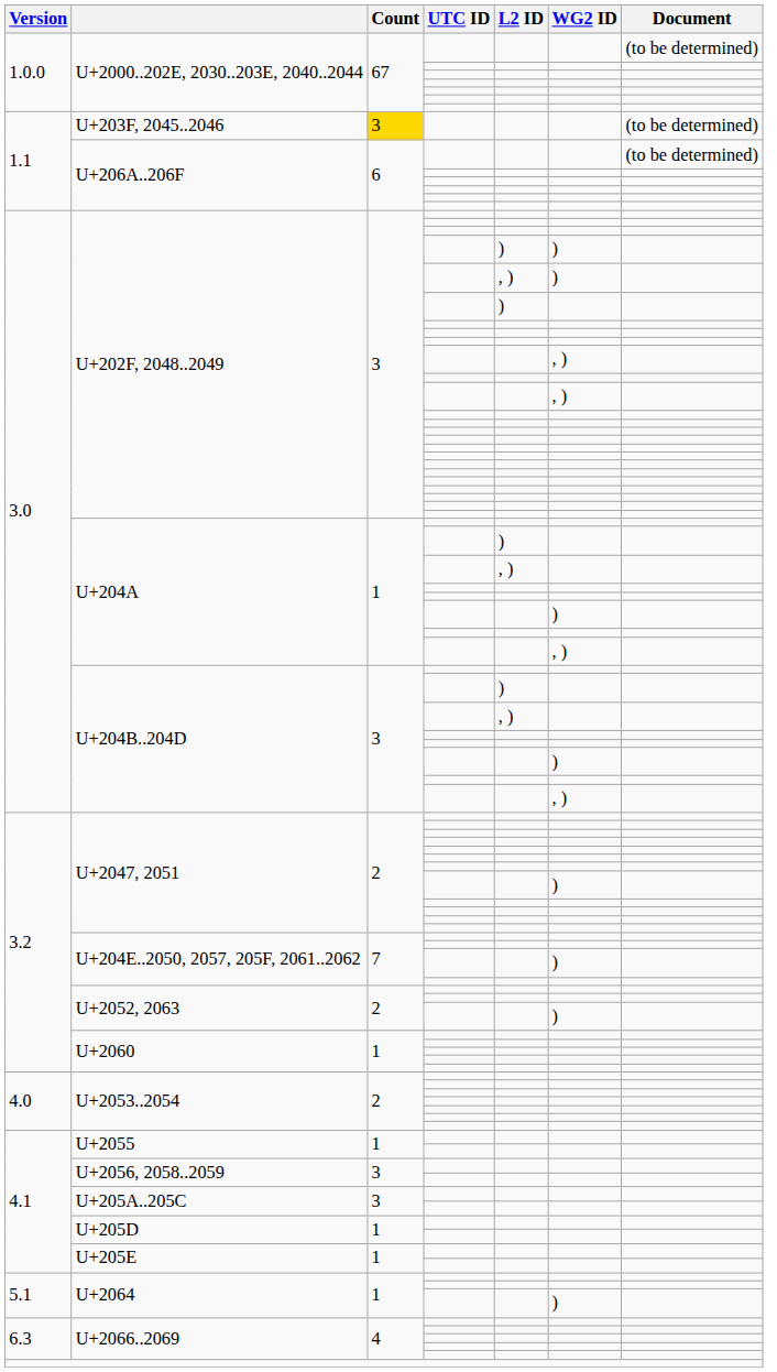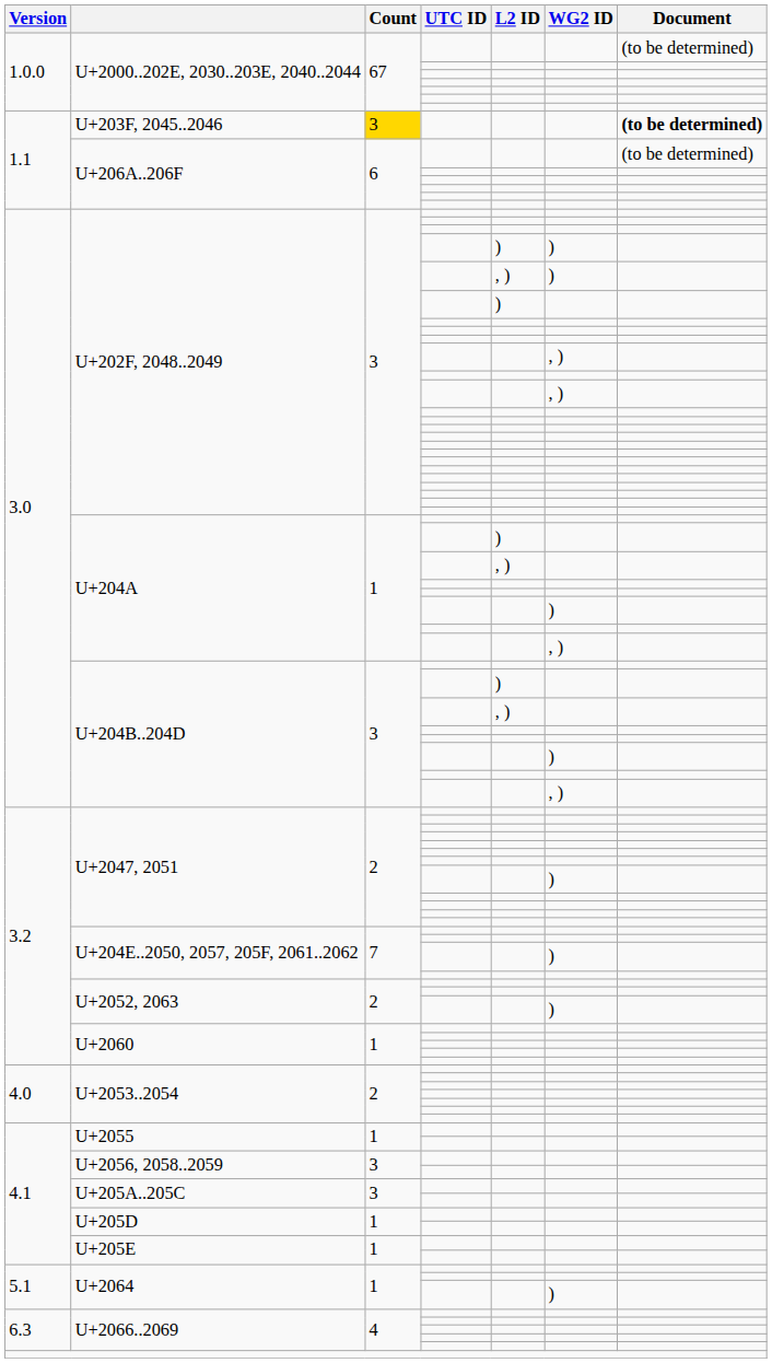 <table class="wikitable collapsible collapsed sticky-header">
 <tr>
 <th><a href='#'>Version</a></th>
 <th></th>
 <th>Count</th>
 <th><a href='#'>UTC</a> ID</th>
 <th><a href='#'>L2</a> ID</th>
 <th><a href='#'>WG2</a> ID</th>
 <th>Document</th>
 </tr>
 <tr>
 <td rowspan="7">1.0.0</td>
 <td rowspan="7">U+2000..202E, 2030..203E, 2040..2044</td>
 <td rowspan="7">67</td>
 <td></td>
 <td></td>
 <td></td>
 <td>(to be determined)</td>
 </tr>
 <tr>
 <td></td>
 <td></td>
 <td></td>
 <td></td>
 </tr>
 <tr>
 <td></td>
 <td></td>
 <td></td>
 <td></td>
 </tr>
 <tr>
 <td></td>
 <td></td>
 <td></td>
 <td></td>
 </tr>
 <tr>
 <td></td>
 <td></td>
 <td></td>
 <td></td>
 </tr>
 <tr>
 <td></td>
 <td></td>
 <td></td>
 <td></td>
 </tr>
 <tr>
 <td></td>
 <td></td>
 <td></td>
 <td></td>
 </tr>
 <tr>
 <td rowspan="7">1.1</td>
 <td>U+203F, 2045..2046</td>
 <td style="background: gold;">3</td>
 <td></td>
 <td></td>
 <td></td>
-<td>(to be determined)</td>
+<td><strong>(to be determined)</strong></td>
 </tr>
 <tr>
 <td rowspan="6">U+206A..206F</td>
 <td rowspan="6">6</td>
 <td></td>
 <td></td>
 <td></td>
 <td>(to be determined)</td>
 </tr>
 <tr>
 <td></td>
 <td></td>
 <td></td>
 <td></td>
 </tr>
 <tr>
 <td></td>
 <td></td>
 <td></td>
 <td></td>
 </tr>
 <tr>
 <td></td>
 <td></td>
 <td></td>
 <td></td>
 </tr>
 <tr>
 <td></td>
 <td></td>
 <td></td>
 <td></td>
 </tr>
 <tr>
 <td></td>
 <td></td>
 <td></td>
 <td></td>
 </tr>
 <tr>
 <td rowspan="41">3.0</td>
 <td rowspan="25">U+202F, 2048..2049</td>
 <td rowspan="25">3</td>
 <td></td>
 <td></td>
 <td></td>
 <td></td>
 </tr>
 <tr>
 <td></td>
 <td></td>
 <td></td>
 <td></td>
 </tr>
 <tr>
 <td></td>
 <td></td>
 <td></td>
 <td></td>
 </tr>
 <tr>
 <td></td>
 <td> )</td>
 <td> )</td>
 <td></td>
 </tr>
 <tr>
 <td></td>
 <td> , )</td>
 <td> )</td>
 <td></td>
 </tr>
 <tr>
 <td></td>
 <td> )</td>
 <td></td>
 <td></td>
 </tr>
 <tr>
 <td></td>
 <td></td>
 <td></td>
 <td></td>
 </tr>
 <tr>
 <td></td>
 <td></td>
 <td></td>
 <td></td>
 </tr>
 <tr>
 <td></td>
 <td></td>
 <td></td>
 <td></td>
 </tr>
 <tr>
 <td></td>
 <td></td>
 <td> , )</td>
 <td></td>
 </tr>
 <tr>
 <td></td>
 <td></td>
 <td></td>
 <td></td>
 </tr>
 <tr>
 <td></td>
 <td></td>
 <td> , )</td>
 <td></td>
 </tr>
 <tr>
 <td></td>
 <td></td>
 <td></td>
 <td></td>
 </tr>
 <tr>
 <td></td>
 <td></td>
 <td></td>
 <td></td>
 </tr>
 <tr>
 <td></td>
 <td></td>
 <td></td>
 <td></td>
 </tr>
 <tr>
 <td></td>
 <td></td>
 <td></td>
 <td></td>
 </tr>
 <tr>
 <td></td>
 <td></td>
 <td></td>
 <td></td>
 </tr>
 <tr>
 <td></td>
 <td></td>
 <td></td>
 <td></td>
 </tr>
 <tr>
 <td></td>
 <td></td>
 <td></td>
 <td></td>
 </tr>
 <tr>
 <td></td>
 <td></td>
 <td></td>
 <td></td>
 </tr>
 <tr>
 <td></td>
 <td></td>
 <td></td>
 <td></td>
 </tr>
 <tr>
 <td></td>
 <td></td>
 <td></td>
 <td></td>
 </tr>
 <tr>
 <td></td>
 <td></td>
 <td></td>
 <td></td>
 </tr>
 <tr>
 <td></td>
 <td></td>
 <td></td>
 <td></td>
 </tr>
 <tr>
 <td></td>
 <td></td>
 <td></td>
 <td></td>
 </tr>
 <tr>
 <td rowspan="8">U+204A</td>
 <td rowspan="8">1</td>
 <td></td>
 <td></td>
 <td></td>
 <td></td>
 </tr>
 <tr>
 <td></td>
 <td> )</td>
 <td></td>
 <td></td>
 </tr>
 <tr>
 <td></td>
 <td> , )</td>
 <td></td>
 <td></td>
 </tr>
 <tr>
 <td></td>
 <td></td>
 <td></td>
 <td></td>
 </tr>
 <tr>
 <td></td>
 <td></td>
 <td></td>
 <td></td>
 </tr>
 <tr>
 <td></td>
 <td></td>
 <td> )</td>
 <td></td>
 </tr>
 <tr>
 <td></td>
 <td></td>
 <td></td>
 <td></td>
 </tr>
 <tr>
 <td></td>
 <td></td>
 <td> , )</td>
 <td></td>
 </tr>
 <tr>
 <td rowspan="8">U+204B..204D</td>
 <td rowspan="8">3</td>
 <td></td>
 <td></td>
 <td></td>
 <td></td>
 </tr>
 <tr>
 <td></td>
 <td> )</td>
 <td></td>
 <td></td>
 </tr>
 <tr>
 <td></td>
 <td> , )</td>
 <td></td>
 <td></td>
 </tr>
 <tr>
 <td></td>
 <td></td>
 <td></td>
 <td></td>
 </tr>
 <tr>
 <td></td>
 <td></td>
 <td></td>
 <td></td>
 </tr>
 <tr>
 <td></td>
 <td></td>
 <td> )</td>
 <td></td>
 </tr>
 <tr>
 <td></td>
 <td></td>
 <td></td>
 <td></td>
 </tr>
 <tr>
 <td></td>
 <td></td>
 <td> , )</td>
 <td></td>
 </tr>
 <tr>
 <td rowspan="24">3.2</td>
 <td rowspan="12">U+2047, 2051</td>
 <td rowspan="12">2</td>
 <td></td>
 <td></td>
 <td></td>
 <td></td>
 </tr>
 <tr>
 <td></td>
 <td></td>
 <td></td>
 <td></td>
 </tr>
 <tr>
 <td></td>
 <td></td>
 <td></td>
 <td></td>
 </tr>
 <tr>
 <td></td>
 <td></td>
 <td></td>
 <td></td>
 </tr>
 <tr>
 <td></td>
 <td></td>
 <td></td>
 <td></td>
 </tr>
 <tr>
 <td></td>
 <td> </td>
 <td></td>
 <td></td>
 </tr>
 <tr>
 <td></td>
 <td></td>
 <td></td>
 <td></td>
 </tr>
 <tr>
 <td></td>
 <td></td>
 <td> )</td>
 <td></td>
 </tr>
 <tr>
 <td></td>
 <td></td>
 <td></td>
 <td></td>
 </tr>
 <tr>
 <td></td>
 <td></td>
 <td></td>
 <td></td>
 </tr>
 <tr>
 <td></td>
 <td></td>
 <td></td>
 <td></td>
 </tr>
 <tr>
 <td></td>
 <td></td>
 <td></td>
 <td></td>
 </tr>
 <tr>
 <td rowspan="4">U+204E..2050, 2057, 205F, 2061..2062</td>
 <td rowspan="4">7</td>
 <td></td>
 <td></td>
 <td></td>
 <td></td>
 </tr>
 <tr>
 <td></td>
 <td></td>
 <td></td>
 <td></td>
 </tr>
 <tr>
 <td></td>
 <td></td>
 <td> )</td>
 <td></td>
 </tr>
 <tr>
 <td></td>
 <td></td>
 <td></td>
 <td></td>
 </tr>
 <tr>
 <td rowspan="3">U+2052, 2063</td>
 <td rowspan="3">2</td>
 <td></td>
 <td></td>
 <td></td>
 <td></td>
 </tr>
 <tr>
 <td></td>
 <td></td>
 <td></td>
 <td></td>
 </tr>
 <tr>
 <td></td>
 <td></td>
 <td> )</td>
 <td></td>
 </tr>
 <tr>
 <td rowspan="5">U+2060</td>
 <td rowspan="5">1</td>
 <td></td>
 <td></td>
 <td></td>
 <td></td>
 </tr>
 <tr>
 <td></td>
 <td></td>
 <td></td>
 <td></td>
 </tr>
 <tr>
 <td></td>
 <td></td>
 <td></td>
 <td></td>
 </tr>
 <tr>
 <td></td>
 <td></td>
 <td></td>
 <td></td>
 </tr>
 <tr>
 <td></td>
 <td></td>
 <td></td>
 <td></td>
 </tr>
 <tr>
 <td rowspan="7">4.0</td>
 <td rowspan="7">U+2053..2054</td>
 <td rowspan="7">2</td>
 <td></td>
 <td></td>
 <td></td>
 <td></td>
 </tr>
 <tr>
 <td></td>
 <td></td>
 <td></td>
 <td></td>
 </tr>
 <tr>
 <td></td>
 <td></td>
 <td></td>
 <td></td>
 </tr>
 <tr>
 <td></td>
 <td></td>
 <td></td>
 <td></td>
 </tr>
 <tr>
 <td></td>
 <td></td>
 <td></td>
 <td></td>
 </tr>
 <tr>
 <td></td>
 <td></td>
 <td></td>
 <td></td>
 </tr>
 <tr>
 <td></td>
 <td></td>
 <td></td>
 <td></td>
 </tr>
 <tr>
 <td rowspan="10">4.1</td>
 <td rowspan="2">U+2055</td>
 <td rowspan="2">1</td>
 <td></td>
 <td></td>
 <td></td>
 <td></td>
 </tr>
 <tr>
 <td></td>
 <td></td>
 <td></td>
 <td></td>
 </tr>
 <tr>
 <td rowspan="2">U+2056, 2058..2059</td>
 <td rowspan="2">3</td>
 <td></td>
 <td></td>
 <td></td>
 <td></td>
 </tr>
 <tr>
 <td></td>
 <td></td>
 <td></td>
 <td></td>
 </tr>
 <tr>
 <td rowspan="2">U+205A..205C</td>
 <td rowspan="2">3</td>
 <td></td>
 <td></td>
 <td></td>
 <td></td>
 </tr>
 <tr>
 <td></td>
 <td></td>
 <td></td>
 <td></td>
 </tr>
 <tr>
 <td rowspan="2">U+205D</td>
 <td rowspan="2">1</td>
 <td></td>
 <td></td>
 <td></td>
 <td></td>
 </tr>
 <tr>
 <td></td>
 <td></td>
 <td></td>
 <td></td>
 </tr>
 <tr>
 <td rowspan="2">U+205E</td>
 <td rowspan="2">1</td>
 <td></td>
 <td></td>
 <td></td>
 <td></td>
 </tr>
 <tr>
 <td></td>
 <td></td>
 <td></td>
 <td></td>
 </tr>
 <tr>
 <td rowspan="3">5.1</td>
 <td rowspan="3">U+2064</td>
 <td rowspan="3">1</td>
 <td></td>
 <td></td>
 <td></td>
 <td></td>
 </tr>
 <tr>
 <td></td>
 <td></td>
 <td></td>
 <td></td>
 </tr>
 <tr>
 <td></td>
 <td></td>
 <td> )</td>
 <td></td>
 </tr>
 <tr>
 <td rowspan="5">6.3</td>
 <td rowspan="5">U+2066..2069</td>
 <td rowspan="5">4</td>
 <td></td>
 <td></td>
 <td></td>
 <td></td>
 </tr>
 <tr>
 <td></td>
 <td></td>
 <td></td>
 <td></td>
 </tr>
 <tr>
 <td></td>
 <td></td>
 <td></td>
 <td></td>
 </tr>
 <tr>
 <td></td>
 <td></td>
 <td></td>
 <td></td>
 </tr>
 <tr>
 <td></td>
 <td></td>
 <td></td>
 <td></td>
 </tr>
 <tr class="sortbottom">
 <td colspan="7"></td>
 </tr>
 </table>
